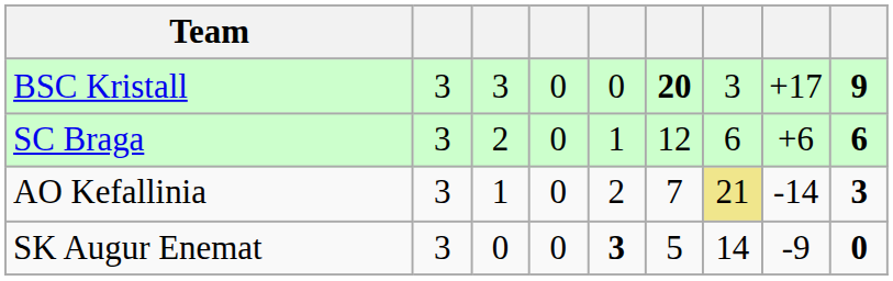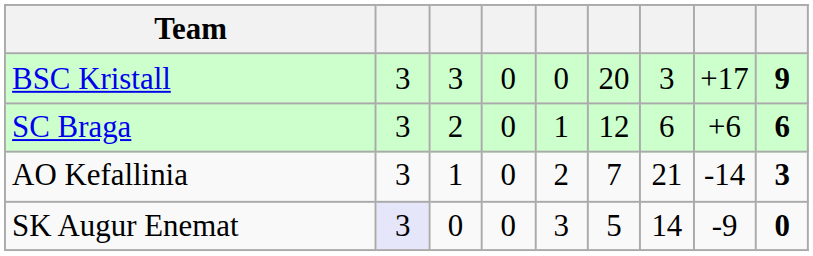 <table class="wikitable" style="text-align: center;">
 <tr>
 <th width="185">Team</th>
 <th width="20"></th>
 <th width="20"></th>
 <th width="20"></th>
 <th width="20"></th>
 <th width="20"></th>
 <th width="20"></th>
 <th width="20"></th>
 <th width="20"></th>
 </tr>
 <tr bgcolor=#ccffcc>
 <td align=left> <a href='#'>BSC Kristall</a></td>
 <td>3</td>
 <td>3</td>
 <td>0</td>
 <td>0</td>
-<td><strong>20</strong></td>
+<td>20</td>
 <td>3</td>
 <td>+17</td>
 <td><strong>9</strong></td>
 </tr>
 <tr bgcolor=#ccffcc>
 <td align=left> <a href='#'>SC Braga</a></td>
 <td>3</td>
 <td>2</td>
 <td>0</td>
 <td>1</td>
 <td>12</td>
 <td>6</td>
 <td>+6</td>
 <td><strong>6</strong></td>
 </tr>
 <tr>
 <td align=left> AO Kefallinia</td>
 <td>3</td>
 <td>1</td>
 <td>0</td>
 <td>2</td>
 <td>7</td>
-<td style="background: khaki;">21</td>
+<td>21</td>
 <td>-14</td>
 <td><strong>3</strong></td>
 </tr>
 <tr>
 <td align=left> SK Augur Enemat</td>
-<td>3</td>
+<td style="background: lavender;">3</td>
 <td>0</td>
 <td>0</td>
-<td><strong>3</strong></td>
+<td>3</td>
 <td>5</td>
 <td>14</td>
 <td>-9</td>
 <td><strong>0</strong></td>
 </tr>
 </table>
